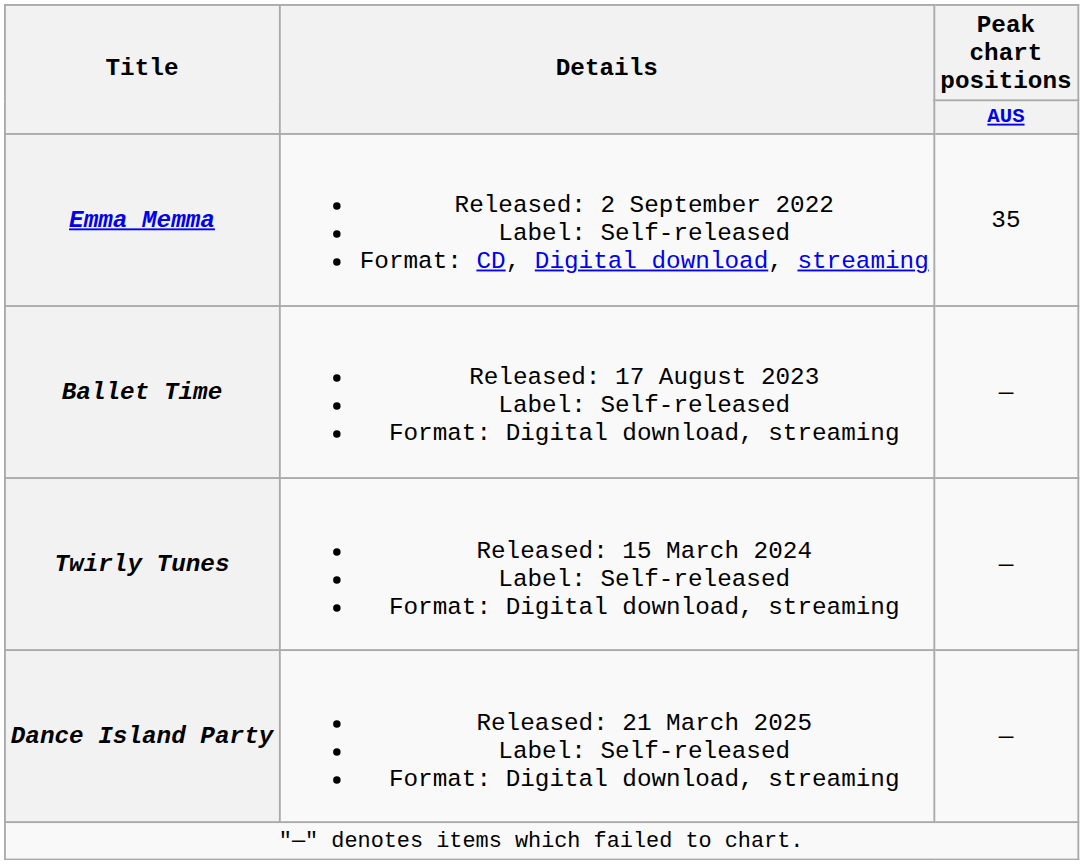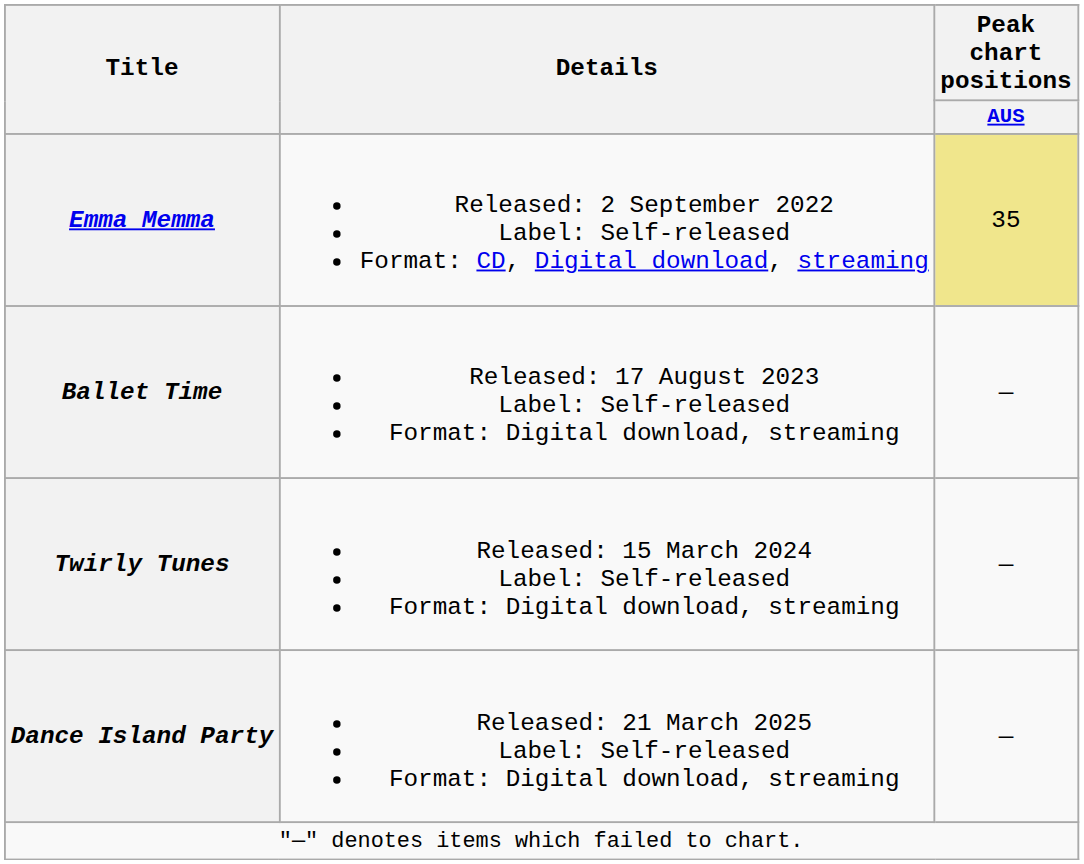 <table class="wikitable plainrowheaders" style="text-align:center">
 <tr>
 <th scope="col" rowspan="2">Title</th>
 <th scope="col" rowspan="2">Details</th>
 <th scope="col" colspan="1">Peak chart positions</th>
 </tr>
 <tr>
 <th scope="col" style="width:3em; font-size:85%"><a href='#'>AUS</a><br></th>
 </tr>
 <tr>
 <th scope="row"><em><a href='#'>Emma Memma</a></em></th>
 <td><br><ul><li>Released: 2 September 2022</li><li>Label: Self-released</li><li>Format: <a href='#'>CD</a>, <a href='#'>Digital download</a>, <a href='#'>streaming</a></li></ul></td>
-<td>35</td>
+<td style="background: khaki;">35</td>
 </tr>
 <tr>
 <th scope="row"><em>Ballet Time</em></th>
 <td><br><ul><li>Released: 17 August 2023</li><li>Label: Self-released</li><li>Format: Digital download, streaming</li></ul></td>
 <td>—</td>
 </tr>
 <tr>
 <th scope="row"><em>Twirly Tunes</em></th>
 <td><br><ul><li>Released: 15 March 2024</li><li>Label: Self-released</li><li>Format: Digital download, streaming</li></ul></td>
 <td>—</td>
 </tr>
 <tr>
 <th scope="row"><em>Dance Island Party</em></th>
 <td><br><ul><li>Released: 21 March 2025</li><li>Label: Self-released</li><li>Format: Digital download, streaming</li></ul></td>
 <td>—</td>
 </tr>
 <tr>
 <td colspan="3" style="text-align:center; font-size:90%">"—" denotes items which failed to chart.</td>
 </tr>
 </table>
